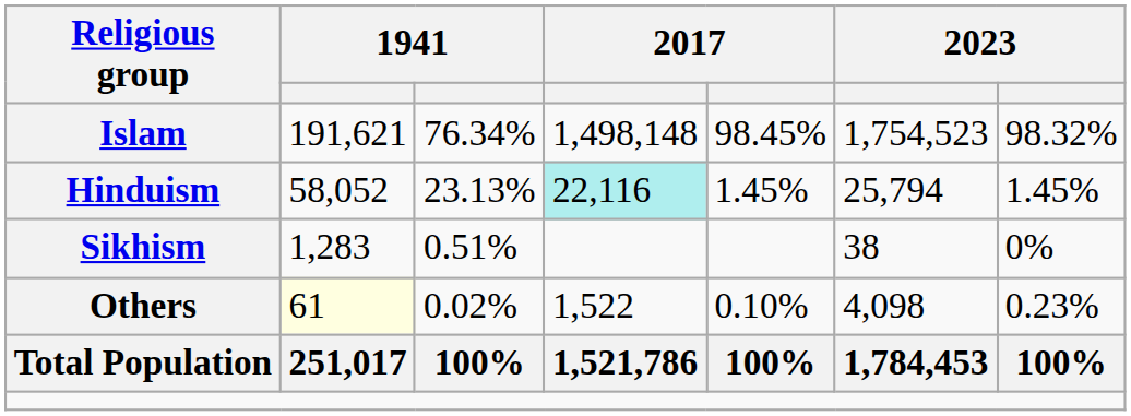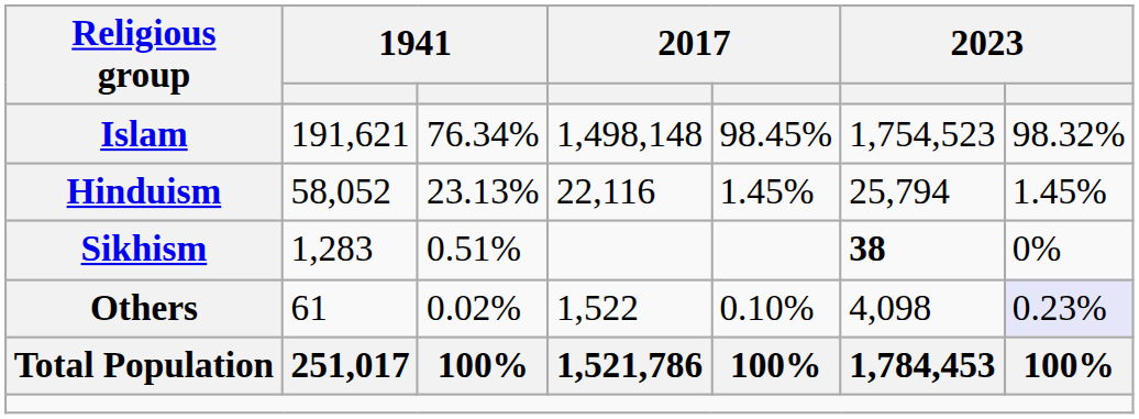 <table class="wikitable sortable">
 <tr>
 <th rowspan="2"><a href='#'>Religious</a><br>group</th>
 <th colspan="2">1941</th>
 <th colspan="2">2017</th>
 <th colspan="2">2023</th>
 </tr>
 <tr>
 <th><a href='#'></a></th>
 <th></th>
 <th></th>
 <th></th>
 <th></th>
 <th></th>
 </tr>
 <tr>
 <th><a href='#'>Islam</a> </th>
 <td>191,621</td>
 <td>76.34%</td>
 <td>1,498,148</td>
 <td>98.45%</td>
 <td>1,754,523</td>
 <td>98.32%</td>
 </tr>
 <tr>
 <th><a href='#'>Hinduism</a> </th>
 <td>58,052</td>
 <td>23.13%</td>
-<td style="background: paleturquoise;">22,116</td>
+<td>22,116</td>
 <td>1.45%</td>
 <td>25,794</td>
 <td>1.45%</td>
 </tr>
 <tr>
 <th><a href='#'>Sikhism</a> </th>
 <td>1,283</td>
 <td>0.51%</td>
 <td></td>
 <td></td>
-<td>38</td>
+<td><strong>38</strong></td>
 <td>0%</td>
 </tr>
 <tr>
 <th>Others </th>
-<td style="background: lightyellow;">61</td>
+<td>61</td>
 <td>0.02%</td>
 <td>1,522</td>
 <td>0.10%</td>
 <td>4,098</td>
-<td>0.23%</td>
+<td style="background: lavender;">0.23%</td>
 </tr>
 <tr>
 <th>Total Population</th>
 <th>251,017</th>
 <th>100%</th>
 <th>1,521,786</th>
 <th>100%</th>
 <th>1,784,453</th>
 <th>100%</th>
 </tr>
 <tr class="sortbottom">
 <td colspan="7"></td>
 </tr>
 </table>
